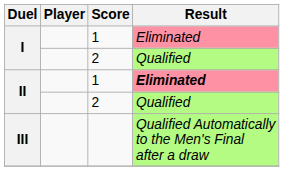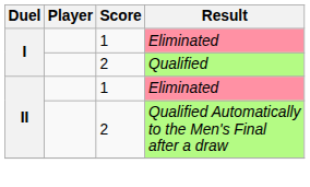 <table class="wikitable sortable">
 <tr>
 <th>Duel</th>
 <th>Player</th>
 <th>Score</th>
 <th>Result</th>
 </tr>
 <tr>
 <th rowspan="2" class="unsortable">I</th>
 <td></td>
 <td>1</td>
 <td style="background:#FF91A4"><em>Eliminated</em></td>
 </tr>
 <tr>
 <td></td>
 <td>2</td>
 <td style="background:#B4FB84"><em>Qualified</em></td>
 </tr>
 <tr>
 <th rowspan="2" class="unsortable">II</th>
 <td></td>
 <td>1</td>
-<td style="background:#FF91A4"><strong><em>Eliminated</em></strong></td>
+<td style="background:#FF91A4"><em>Eliminated</em></td>
 </tr>
 <tr>
 <td></td>
 <td>2</td>
-<td style="background:#B4FB84"><em>Qualified</em></td>
-</tr>
-<tr>
-<th class="unsortable">III</th>
-<td></td>
-<td></td>
 <td style="background:#B4FB84"><em>Qualified Automatically<br> to the Men's Final <br> after a draw</em></td>
 </tr>
 <tr>
 </tr>
 </table>
